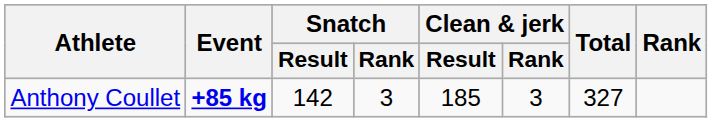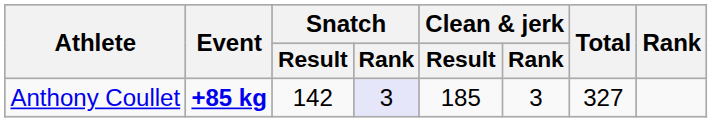 <table class="wikitable" style="font-size:90%">
 <tr>
 <th rowspan="2">Athlete</th>
 <th rowspan="2">Event</th>
 <th colspan="2">Snatch</th>
 <th colspan="2">Clean & jerk</th>
 <th rowspan="2">Total</th>
 <th rowspan="2">Rank</th>
 </tr>
 <tr style="font-size:95%">
 <th>Result</th>
 <th>Rank</th>
 <th>Result</th>
 <th>Rank</th>
 </tr>
 <tr align=center>
 <td align=left><a href='#'>Anthony Coullet</a></td>
 <td align=left><strong><a href='#'>+85 kg</a></strong></td>
 <td>142</td>
-<td>3</td>
+<td style="background: lavender;">3</td>
 <td>185</td>
 <td>3</td>
 <td>327</td>
 <td></td>
 </tr>
 </table>
